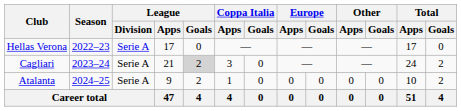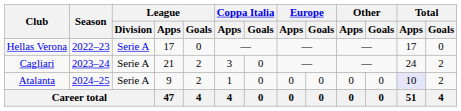 <table class="wikitable" style="text-align:center">
 <tr>
 <th rowspan="2">Club</th>
 <th rowspan="2">Season</th>
 <th colspan="3">League</th>
 <th colspan="2"><a href='#'>Coppa Italia</a></th>
 <th colspan="2"><a href='#'>Europe</a></th>
 <th colspan="2">Other</th>
 <th colspan="2">Total</th>
 </tr>
 <tr>
 <th>Division</th>
 <th>Apps</th>
 <th>Goals</th>
 <th>Apps</th>
 <th>Goals</th>
 <th>Apps</th>
 <th>Goals</th>
 <th>Apps</th>
 <th>Goals</th>
 <th>Apps</th>
 <th>Goals</th>
 </tr>
 <tr>
 <td><a href='#'>Hellas Verona</a></td>
 <td><a href='#'>2022–23</a></td>
 <td><a href='#'>Serie A</a></td>
 <td>17</td>
 <td>0</td>
 <td colspan="2">—</td>
 <td colspan="2">—</td>
 <td colspan="2">—</td>
 <td>17</td>
 <td>0</td>
 </tr>
 <tr>
 <td><a href='#'>Cagliari</a></td>
 <td><a href='#'>2023–24</a></td>
 <td>Serie A</td>
 <td>21</td>
-<td style="background: lightgrey;">2</td>
+<td>2</td>
 <td>3</td>
 <td>0</td>
 <td colspan="2">—</td>
 <td colspan="2">—</td>
 <td>24</td>
 <td>2</td>
 </tr>
 <tr>
 <td><a href='#'>Atalanta</a></td>
 <td><a href='#'>2024–25</a></td>
 <td>Serie A</td>
 <td>9</td>
 <td>2</td>
 <td>1</td>
 <td>0</td>
 <td>0</td>
 <td>0</td>
 <td>0</td>
 <td>0</td>
-<td>10</td>
+<td style="background: lavender;">10</td>
 <td>2</td>
 </tr>
 <tr>
 <th colspan="3">Career total</th>
 <th>47</th>
 <th>4</th>
 <th>4</th>
 <th>0</th>
 <th>0</th>
 <th>0</th>
 <th>0</th>
 <th>0</th>
 <th>51</th>
 <th>4</th>
 </tr>
 </table>
